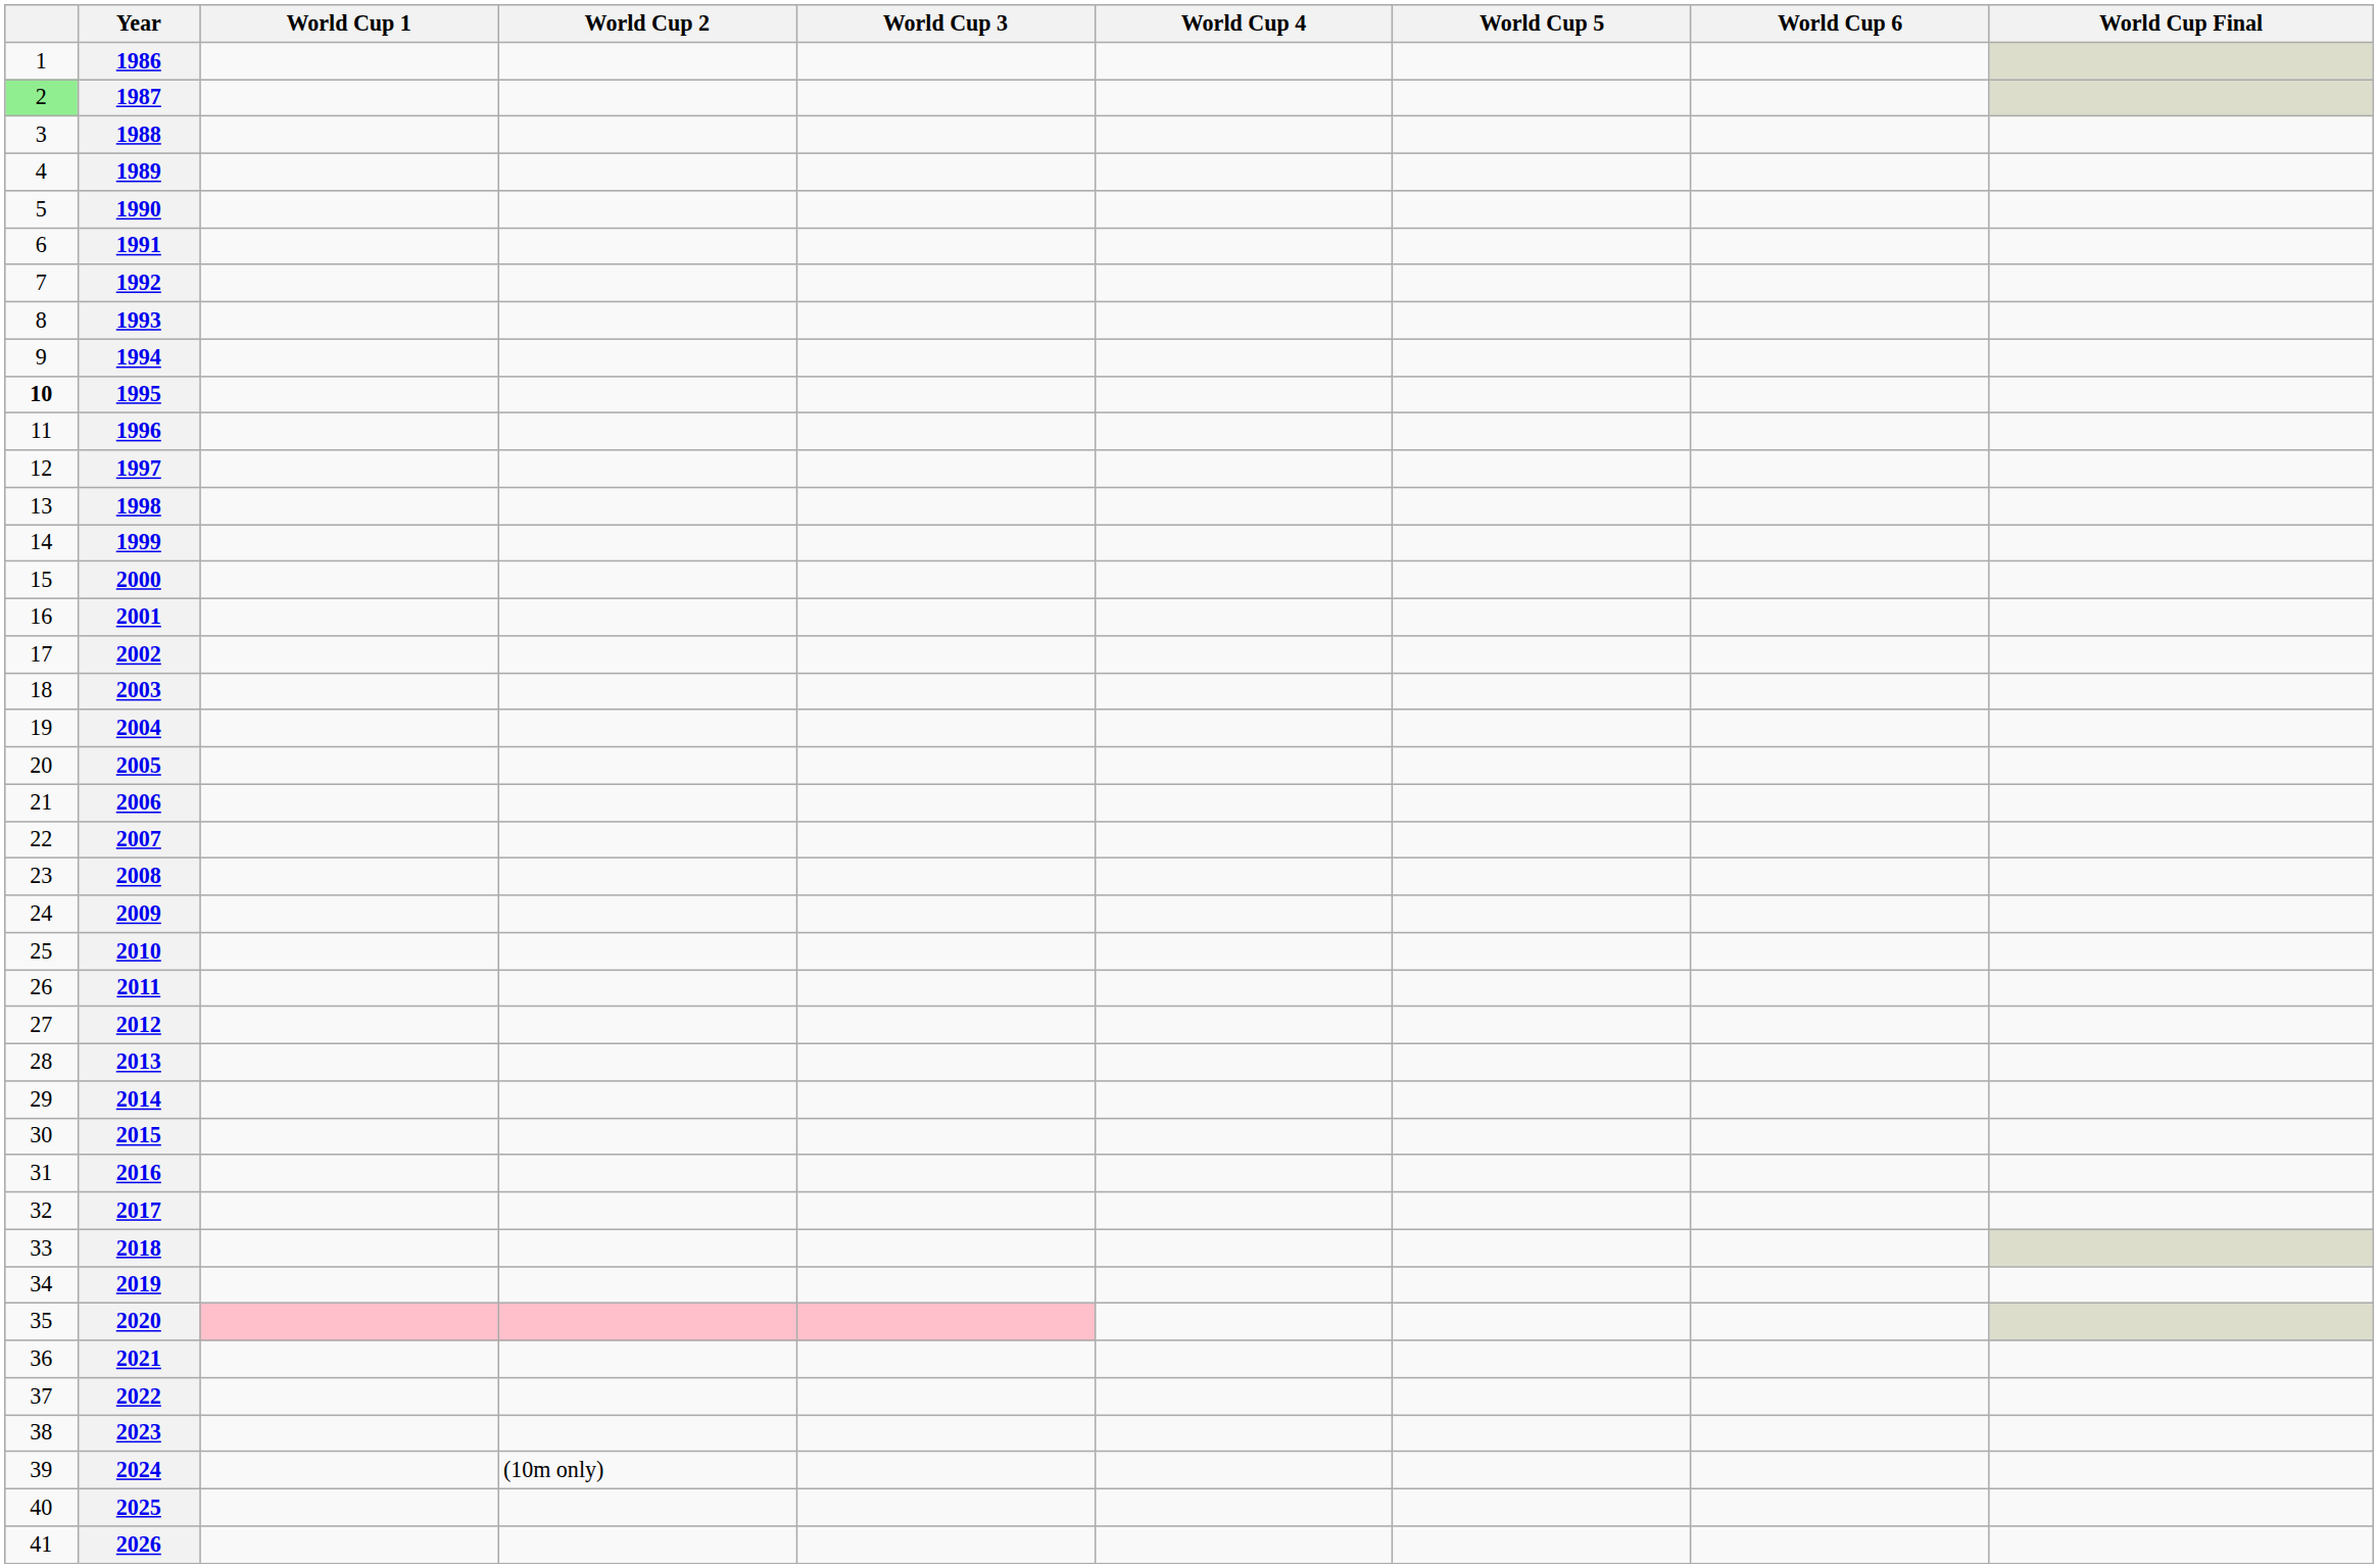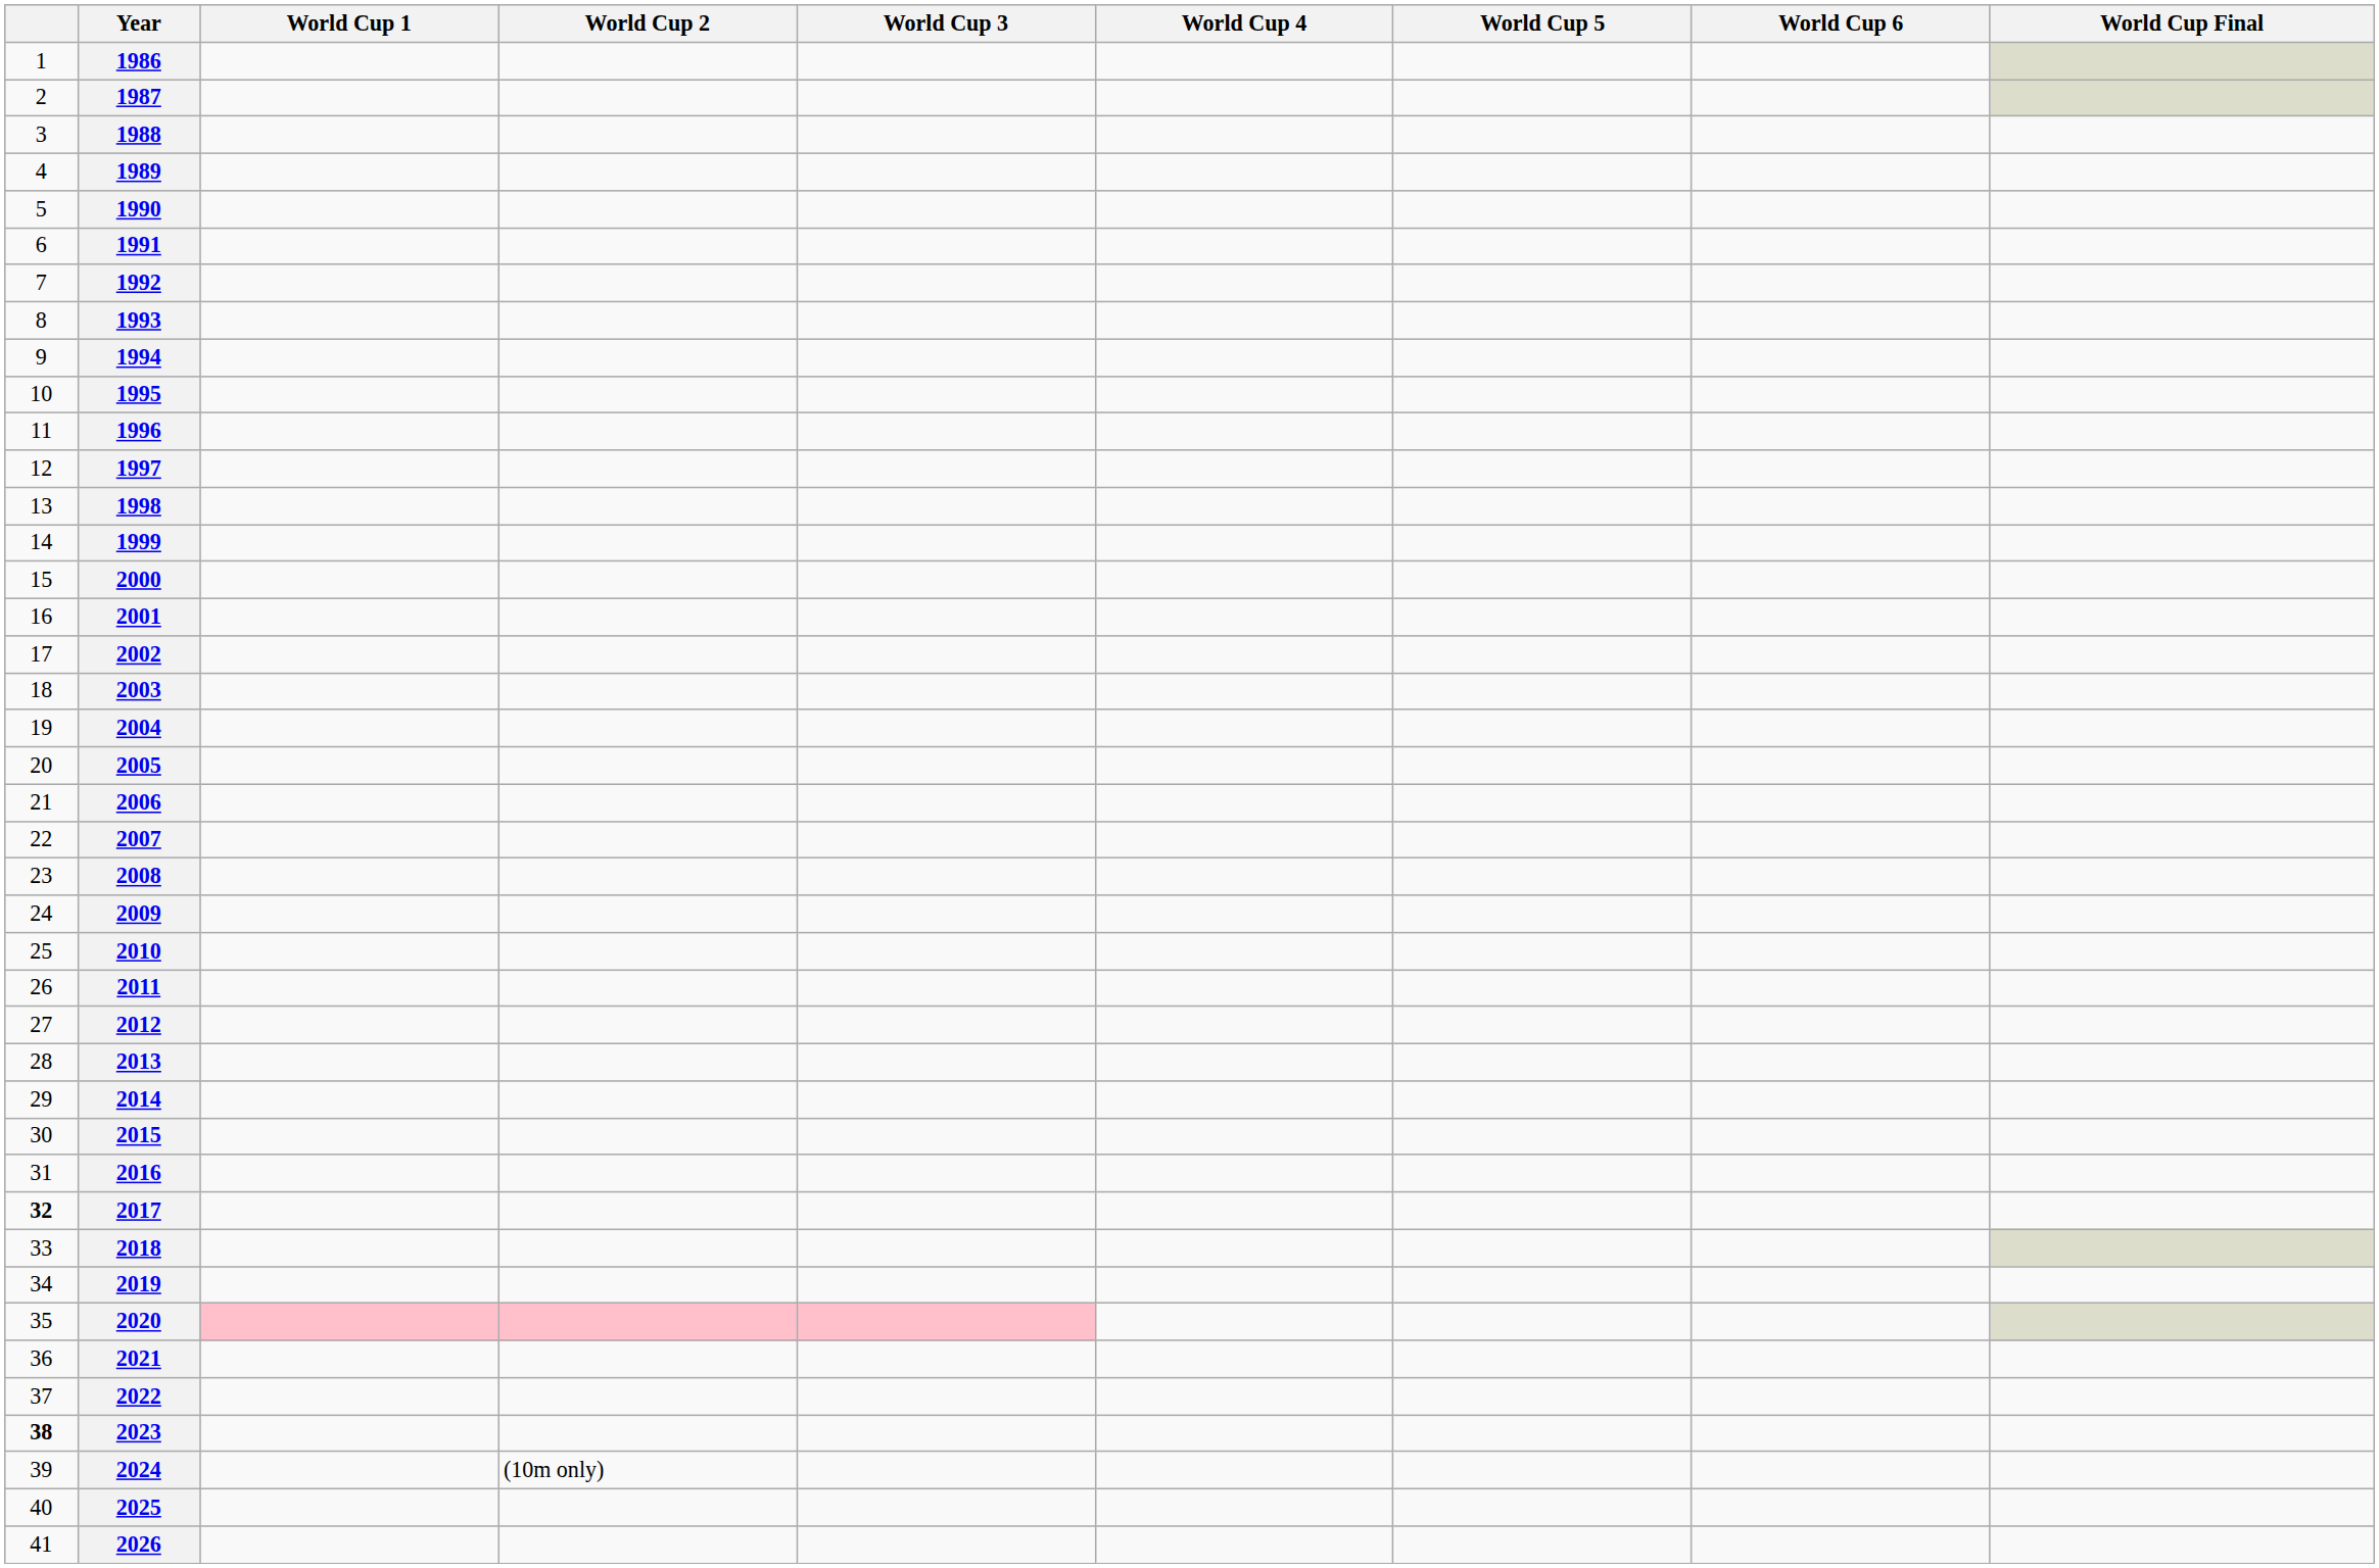 <table class="wikitable sortable" style="font-size: 90%" width="120%">
 <tr>
 <th></th>
 <th>Year</th>
 <th>World Cup 1</th>
 <th>World Cup 2</th>
 <th>World Cup 3</th>
 <th>World Cup 4</th>
 <th>World Cup 5</th>
 <th>World Cup 6</th>
 <th>World Cup Final</th>
 </tr>
 <tr>
 <td align="center">1</td>
 <th><a href='#'>1986</a></th>
 <td></td>
 <td></td>
 <td></td>
 <td></td>
 <td></td>
 <td></td>
 <td style="background: #ddddcc"></td>
 </tr>
 <tr>
-<td align="center" style="background: lightgreen;">2</td>
+<td align="center">2</td>
 <th><a href='#'>1987</a></th>
 <td></td>
 <td></td>
 <td></td>
 <td></td>
 <td></td>
 <td></td>
 <td style="background: #ddddcc"></td>
 </tr>
 <tr>
 <td align="center">3</td>
 <th><a href='#'>1988</a></th>
 <td></td>
 <td></td>
 <td></td>
 <td></td>
 <td></td>
 <td></td>
 <td></td>
 </tr>
 <tr>
 <td align="center">4</td>
 <th><a href='#'>1989</a></th>
 <td></td>
 <td></td>
 <td></td>
 <td></td>
 <td></td>
 <td></td>
 <td></td>
 </tr>
 <tr>
 <td align="center">5</td>
 <th><a href='#'>1990</a></th>
 <td></td>
 <td></td>
 <td></td>
 <td></td>
 <td></td>
 <td></td>
 <td></td>
 </tr>
 <tr>
 <td align="center">6</td>
 <th><a href='#'>1991</a></th>
 <td></td>
 <td></td>
 <td></td>
 <td></td>
 <td></td>
 <td></td>
 <td></td>
 </tr>
 <tr>
 <td align="center">7</td>
 <th><a href='#'>1992</a></th>
 <td></td>
 <td></td>
 <td></td>
 <td></td>
 <td></td>
 <td></td>
 <td></td>
 </tr>
 <tr>
 <td align="center">8</td>
 <th><a href='#'>1993</a></th>
 <td></td>
 <td></td>
 <td></td>
 <td></td>
 <td></td>
 <td></td>
 <td></td>
 </tr>
 <tr>
 <td align="center">9</td>
 <th><a href='#'>1994</a></th>
 <td></td>
 <td></td>
 <td></td>
 <td></td>
 <td></td>
 <td></td>
 <td></td>
 </tr>
 <tr>
-<td align="center"><strong>10</strong></td>
+<td align="center">10</td>
 <th><a href='#'>1995</a></th>
 <td></td>
 <td></td>
 <td></td>
 <td></td>
 <td></td>
 <td></td>
 <td></td>
 </tr>
 <tr>
 <td align="center">11</td>
 <th><a href='#'>1996</a></th>
 <td></td>
 <td></td>
 <td></td>
 <td></td>
 <td></td>
 <td></td>
 <td></td>
 </tr>
 <tr>
 <td align="center">12</td>
 <th><a href='#'>1997</a></th>
 <td></td>
 <td></td>
 <td></td>
 <td></td>
 <td></td>
 <td></td>
 <td></td>
 </tr>
 <tr>
 <td align="center">13</td>
 <th><a href='#'>1998</a></th>
 <td></td>
 <td></td>
 <td></td>
 <td></td>
 <td></td>
 <td></td>
 <td></td>
 </tr>
 <tr>
 <td align="center">14</td>
 <th><a href='#'>1999</a></th>
 <td></td>
 <td></td>
 <td></td>
 <td></td>
 <td></td>
 <td></td>
 <td></td>
 </tr>
 <tr>
 <td align="center">15</td>
 <th><a href='#'>2000</a></th>
 <td></td>
 <td></td>
 <td></td>
 <td></td>
 <td></td>
 <td></td>
 <td></td>
 </tr>
 <tr>
 <td align="center">16</td>
 <th><a href='#'>2001</a></th>
 <td></td>
 <td></td>
 <td></td>
 <td></td>
 <td></td>
 <td></td>
 <td></td>
 </tr>
 <tr>
 <td align="center">17</td>
 <th><a href='#'>2002</a></th>
 <td></td>
 <td></td>
 <td></td>
 <td></td>
 <td></td>
 <td></td>
 <td></td>
 </tr>
 <tr>
 <td align="center">18</td>
 <th><a href='#'>2003</a></th>
 <td></td>
 <td></td>
 <td></td>
 <td></td>
 <td></td>
 <td></td>
 <td></td>
 </tr>
 <tr>
 <td align="center">19</td>
 <th><a href='#'>2004</a></th>
 <td></td>
 <td></td>
 <td></td>
 <td></td>
 <td></td>
 <td></td>
 <td></td>
 </tr>
 <tr>
 <td align="center">20</td>
 <th><a href='#'>2005</a></th>
 <td></td>
 <td></td>
 <td></td>
 <td></td>
 <td></td>
 <td></td>
 <td></td>
 </tr>
 <tr>
 <td align="center">21</td>
 <th><a href='#'>2006</a></th>
 <td></td>
 <td></td>
 <td></td>
 <td></td>
 <td></td>
 <td></td>
 <td></td>
 </tr>
 <tr>
 <td align="center">22</td>
 <th><a href='#'>2007</a></th>
 <td></td>
 <td></td>
 <td></td>
 <td></td>
 <td></td>
 <td></td>
 <td></td>
 </tr>
 <tr>
 <td align="center">23</td>
 <th><a href='#'>2008</a></th>
 <td></td>
 <td></td>
 <td></td>
 <td></td>
 <td></td>
 <td></td>
 <td></td>
 </tr>
 <tr>
 <td align="center">24</td>
 <th><a href='#'>2009</a></th>
 <td></td>
 <td></td>
 <td></td>
 <td></td>
 <td></td>
 <td></td>
 <td></td>
 </tr>
 <tr>
 <td align="center">25</td>
 <th><a href='#'>2010</a></th>
 <td></td>
 <td></td>
 <td></td>
 <td></td>
 <td></td>
 <td></td>
 <td></td>
 </tr>
 <tr>
 <td align="center">26</td>
 <th><a href='#'>2011</a></th>
 <td></td>
 <td></td>
 <td></td>
 <td></td>
 <td></td>
 <td></td>
 <td></td>
 </tr>
 <tr>
 <td align="center">27</td>
 <th><a href='#'>2012</a></th>
 <td></td>
 <td></td>
 <td></td>
 <td></td>
 <td></td>
 <td></td>
 <td></td>
 </tr>
 <tr>
 <td align="center">28</td>
 <th><a href='#'>2013</a></th>
 <td></td>
 <td></td>
 <td></td>
 <td></td>
 <td></td>
 <td></td>
 <td></td>
 </tr>
 <tr>
 <td align="center">29</td>
 <th><a href='#'>2014</a></th>
 <td></td>
 <td></td>
 <td></td>
 <td></td>
 <td></td>
 <td></td>
 <td></td>
 </tr>
 <tr>
 <td align="center">30</td>
 <th><a href='#'>2015</a></th>
 <td></td>
 <td></td>
 <td></td>
 <td></td>
 <td></td>
 <td></td>
 <td></td>
 </tr>
 <tr>
 <td align="center">31</td>
 <th><a href='#'>2016</a></th>
 <td></td>
 <td></td>
 <td></td>
 <td></td>
 <td></td>
 <td></td>
 <td></td>
 </tr>
 <tr>
-<td align="center">32</td>
+<td align="center"><strong>32</strong></td>
 <th><a href='#'>2017</a></th>
 <td></td>
 <td></td>
 <td></td>
 <td></td>
 <td></td>
 <td></td>
 <td></td>
 </tr>
 <tr>
 <td align="center">33</td>
 <th><a href='#'>2018</a></th>
 <td></td>
 <td></td>
 <td></td>
 <td></td>
 <td></td>
 <td></td>
 <td style="background: #ddddcc"></td>
 </tr>
 <tr>
 <td align="center">34</td>
 <th><a href='#'>2019</a></th>
 <td></td>
 <td></td>
 <td></td>
 <td></td>
 <td></td>
 <td></td>
 <td></td>
 </tr>
 <tr>
 <td align="center">35</td>
 <th><a href='#'>2020</a></th>
 <td style="background: pink"></td>
 <td style="background: pink"></td>
 <td style="background: pink"></td>
 <td></td>
 <td></td>
 <td></td>
 <td style="background: #ddddcc"></td>
 </tr>
 <tr>
 <td align="center">36</td>
 <th><a href='#'>2021</a></th>
 <td></td>
 <td></td>
 <td></td>
 <td></td>
 <td></td>
 <td></td>
 <td></td>
 </tr>
 <tr>
 <td align="center">37</td>
 <th><a href='#'>2022</a></th>
 <td></td>
 <td></td>
 <td></td>
 <td></td>
 <td></td>
 <td></td>
 <td></td>
 </tr>
 <tr>
-<td align="center">38</td>
+<td align="center"><strong>38</strong></td>
 <th><a href='#'>2023</a></th>
 <td></td>
 <td></td>
 <td></td>
 <td></td>
 <td></td>
 <td></td>
 <td></td>
 </tr>
 <tr>
 <td align="center">39</td>
 <th><a href='#'>2024</a></th>
 <td></td>
 <td> (10m only)</td>
 <td></td>
 <td></td>
 <td></td>
 <td></td>
 <td></td>
 </tr>
 <tr>
 <td align="center">40</td>
 <th><a href='#'>2025</a></th>
 <td></td>
 <td></td>
 <td></td>
 <td></td>
 <td></td>
 <td></td>
 <td></td>
 </tr>
 <tr>
 <td align="center">41</td>
 <th><a href='#'>2026</a></th>
 <td></td>
 <td></td>
 <td></td>
 <td></td>
 <td></td>
 <td></td>
 <td></td>
 </tr>
 </table>
